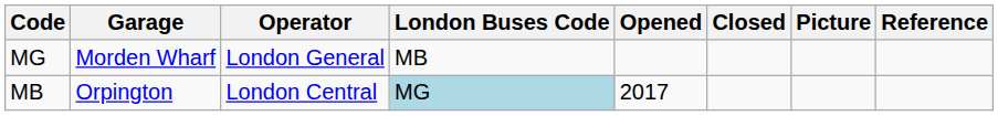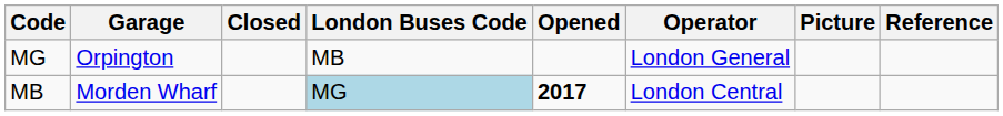 <table class="wikitable">
 <tr>
 <th>Code</th>
 <th>Garage</th>
-<th>Operator</th>
+<th>Closed</th>
 <th>London Buses Code</th>
 <th>Opened</th>
-<th>Closed</th>
+<th>Operator</th>
 <th>Picture</th>
 <th>Reference</th>
 </tr>
 <tr>
 <td>MG</td>
-<td><a href='#'>Morden Wharf</a></td>
-<td><a href='#'>London General</a></td>
+<td><a href='#'>Orpington</a></td>
+<td></td>
 <td>MB</td>
 <td></td>
-<td></td>
+<td><a href='#'>London General</a></td>
 <td></td>
 <td></td>
 </tr>
 <tr>
 <td>MB</td>
-<td><a href='#'>Orpington</a></td>
+<td><a href='#'>Morden Wharf</a></td>
+<td></td>
+<td style="background: lightblue;">MG</td>
+<td><strong>2017</strong></td>
 <td><a href='#'>London Central</a></td>
-<td style="background: lightblue;">MG</td>
-<td>2017</td>
-<td></td>
 <td></td>
 <td></td>
 </tr>
 </table>
